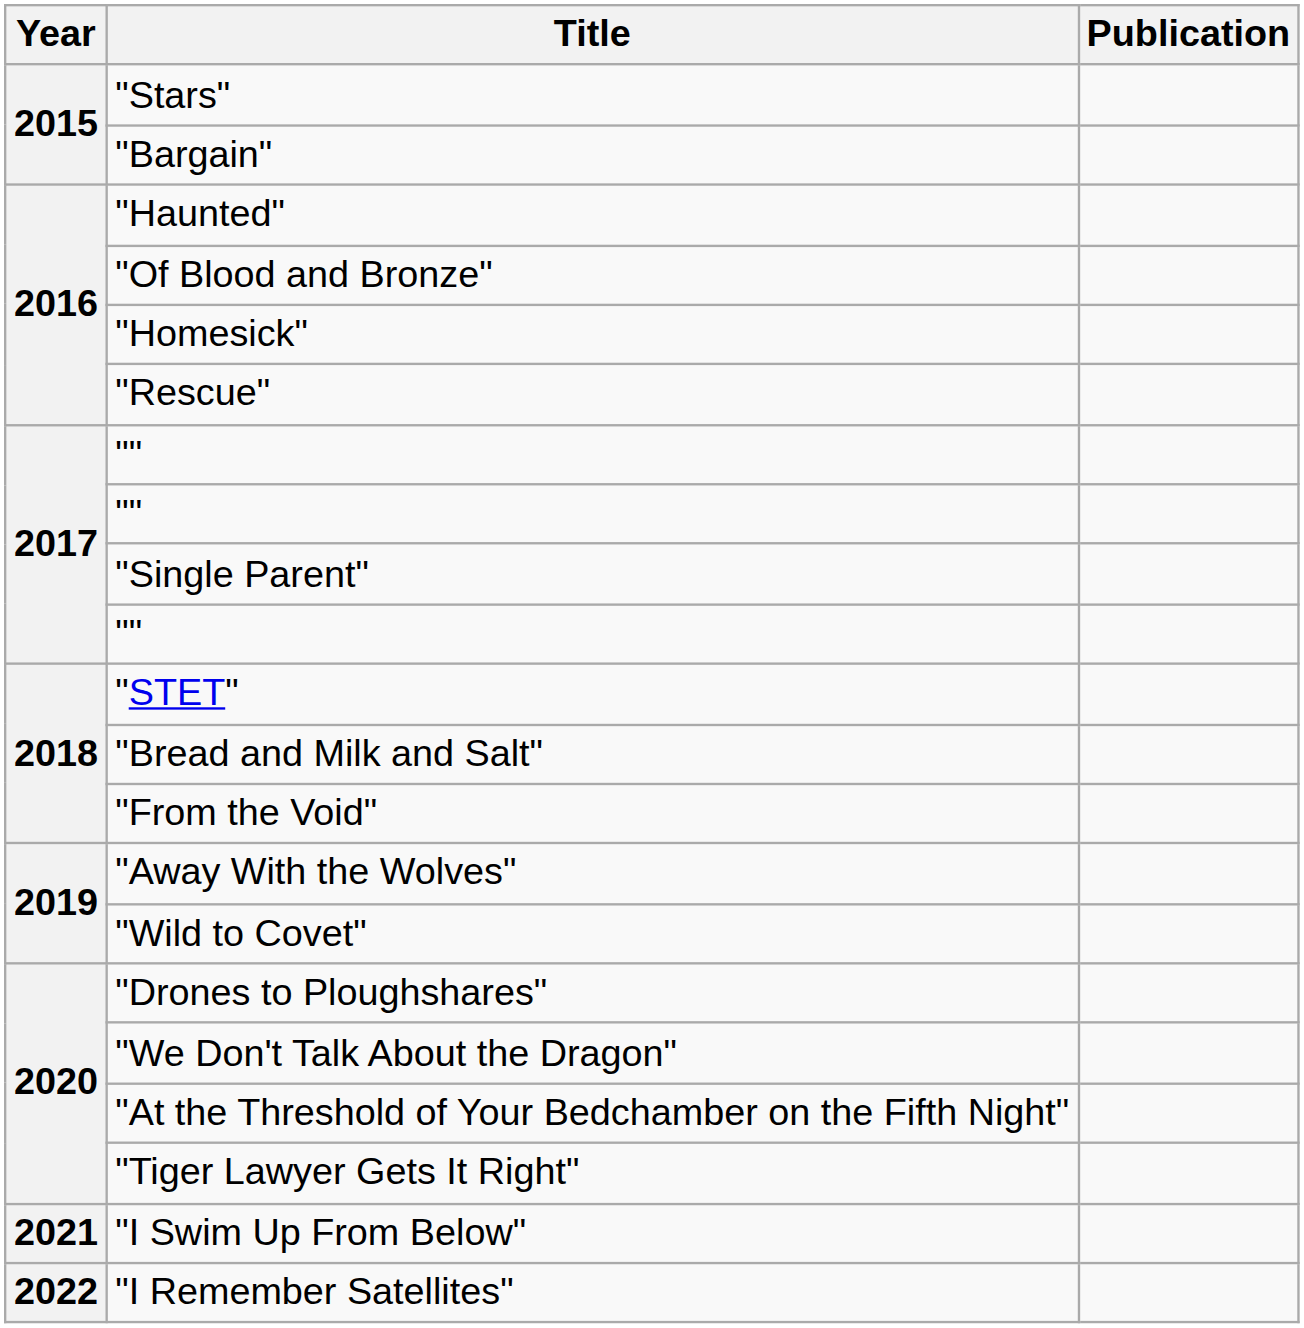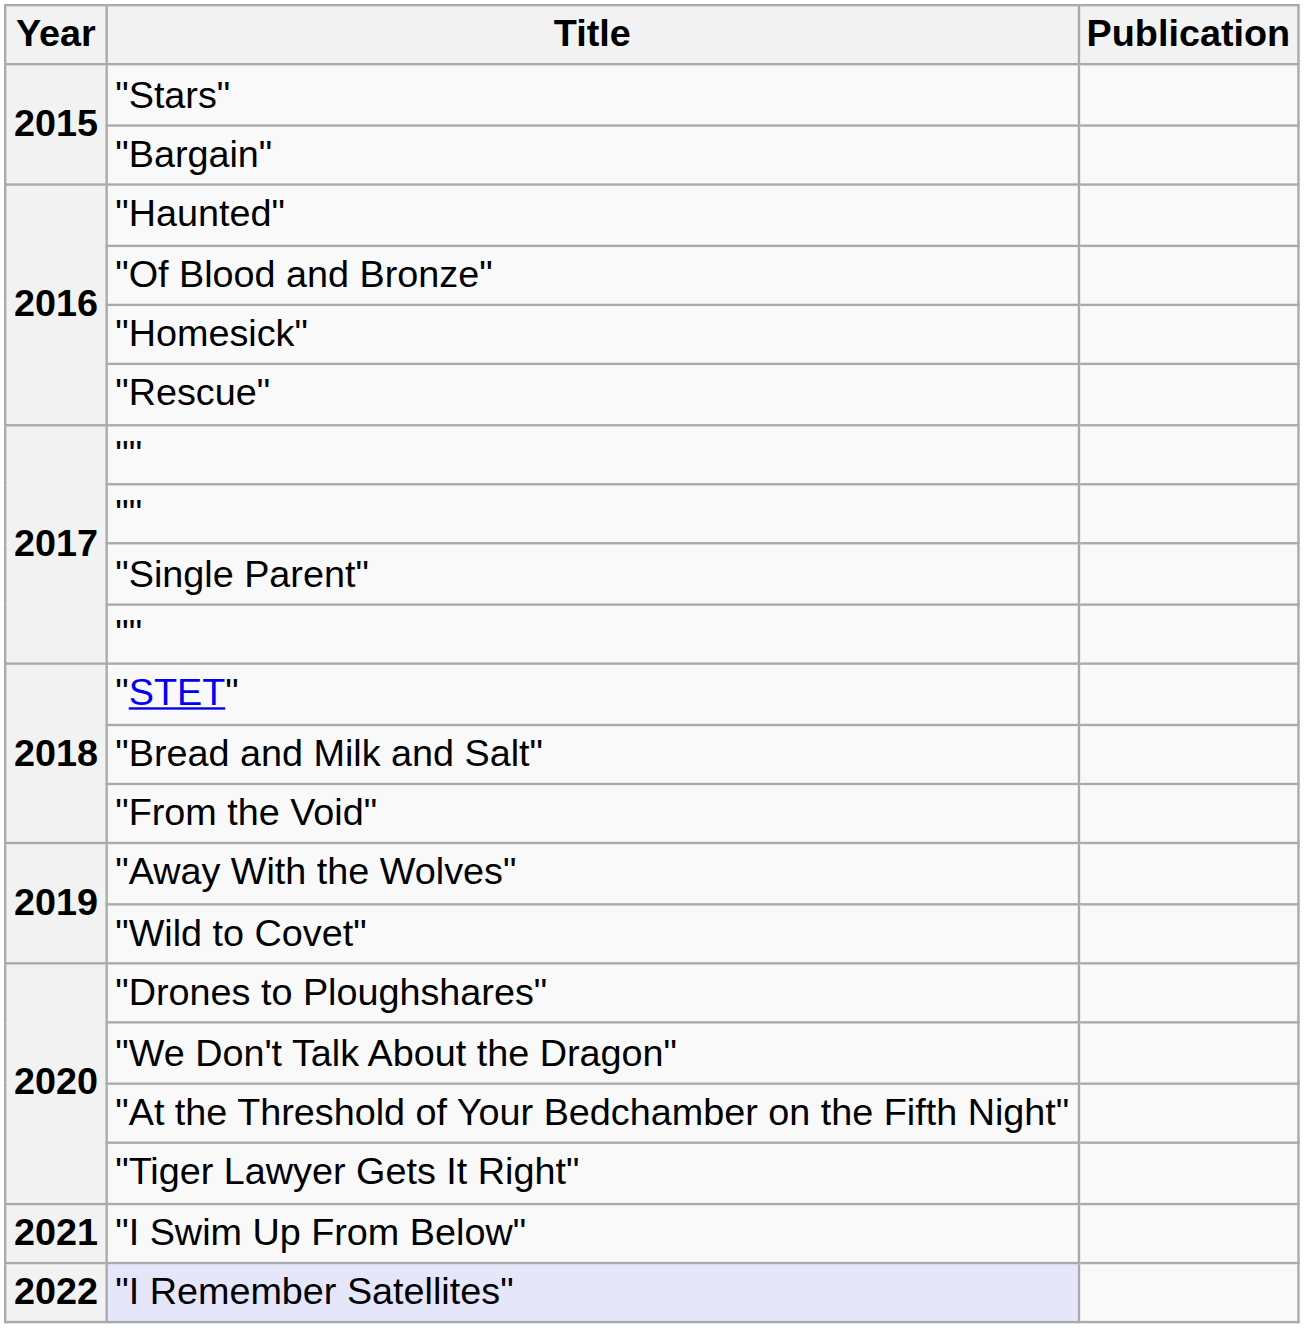 <table class="wikitable sortable">
 <tr>
 <th>Year</th>
 <th>Title</th>
 <th>Publication</th>
 </tr>
 <tr>
 <th rowspan="2">2015</th>
 <td>"Stars"</td>
 <td></td>
 </tr>
 <tr>
 <td>"Bargain"</td>
 <td></td>
 </tr>
 <tr>
 <th rowspan="4">2016</th>
 <td>"Haunted"</td>
 <td></td>
 </tr>
 <tr>
 <td>"Of Blood and Bronze"</td>
 <td></td>
 </tr>
 <tr>
 <td>"Homesick"</td>
 <td></td>
 </tr>
 <tr>
 <td>"Rescue"</td>
 <td></td>
 </tr>
 <tr>
 <th rowspan="4">2017</th>
 <td>""</td>
 <td></td>
 </tr>
 <tr>
 <td>""</td>
 <td></td>
 </tr>
 <tr>
 <td>"Single Parent"</td>
 <td></td>
 </tr>
 <tr>
 <td>""</td>
 <td></td>
 </tr>
 <tr>
 <th rowspan="3">2018</th>
 <td>"<a href='#'>STET</a>"</td>
 <td></td>
 </tr>
 <tr>
 <td>"Bread and Milk and Salt"</td>
 <td></td>
 </tr>
 <tr>
 <td>"From the Void"</td>
 <td></td>
 </tr>
 <tr>
 <th rowspan="2">2019</th>
 <td>"Away With the Wolves"</td>
 <td></td>
 </tr>
 <tr>
 <td>"Wild to Covet"</td>
 <td></td>
 </tr>
 <tr>
 <th rowspan="4">2020</th>
 <td>"Drones to Ploughshares"</td>
 <td></td>
 </tr>
 <tr>
 <td>"We Don't Talk About the Dragon"</td>
 <td></td>
 </tr>
 <tr>
 <td>"At the Threshold of Your Bedchamber on the Fifth Night"</td>
 <td></td>
 </tr>
 <tr>
 <td>"Tiger Lawyer Gets It Right"</td>
 <td></td>
 </tr>
 <tr>
 <th>2021</th>
 <td>"I Swim Up From Below"</td>
 <td></td>
 </tr>
 <tr>
 <th>2022</th>
-<td>"I Remember Satellites"</td>
+<td style="background: lavender;">"I Remember Satellites"</td>
 <td></td>
 </tr>
 </table>
